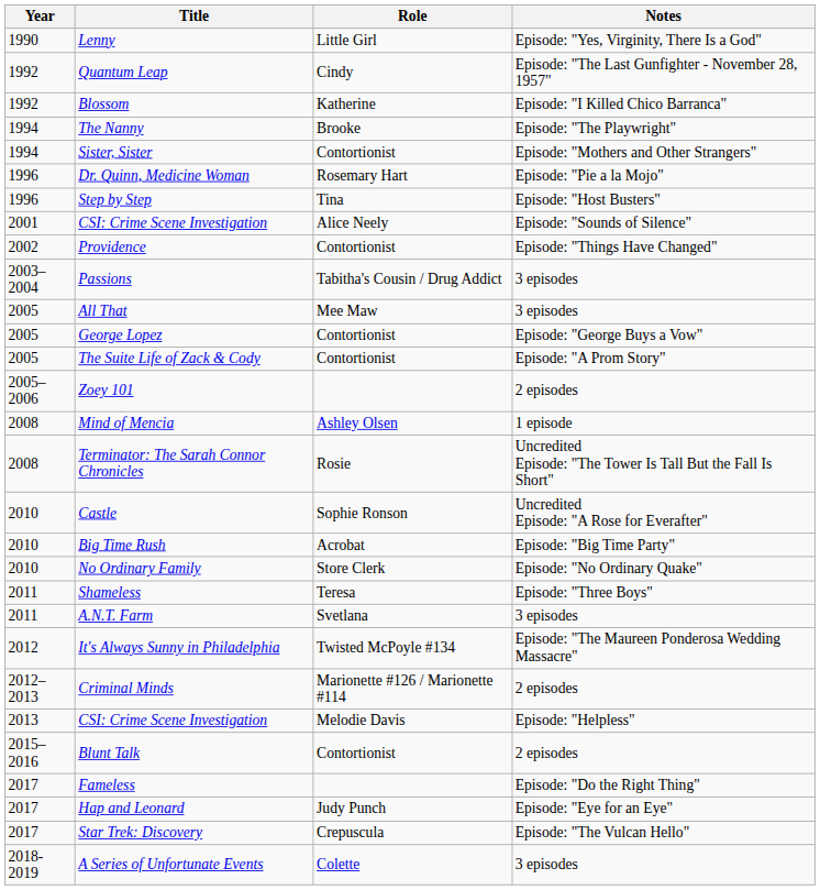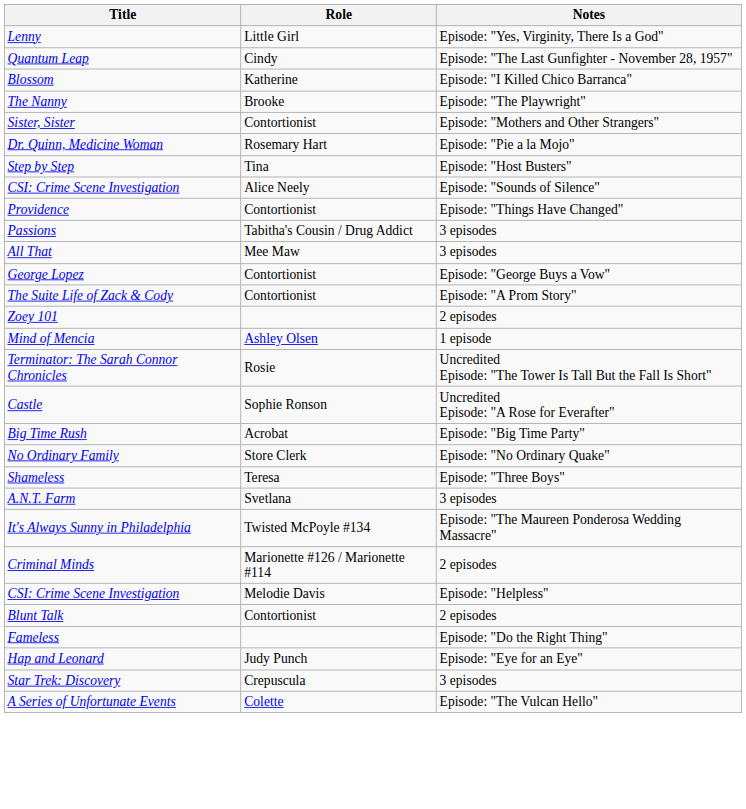 <table class="wikitable sortable">
 <tr>
-<th>Year</th>
 <th>Title</th>
 <th>Role</th>
 <th class="unsortable">Notes</th>
 </tr>
 <tr>
-<td>1990</td>
 <td><em><a href='#'>Lenny</a></em></td>
 <td>Little Girl</td>
 <td>Episode: "Yes, Virginity, There Is a God"</td>
 </tr>
 <tr>
-<td>1992</td>
 <td><em><a href='#'>Quantum Leap</a></em></td>
 <td>Cindy</td>
 <td>Episode: "The Last Gunfighter - November 28, 1957"</td>
 </tr>
 <tr>
-<td>1992</td>
 <td><em><a href='#'>Blossom</a></em></td>
 <td>Katherine</td>
 <td>Episode: "I Killed Chico Barranca"</td>
 </tr>
 <tr>
-<td>1994</td>
 <td><em><a href='#'>The Nanny</a></em></td>
 <td>Brooke</td>
 <td>Episode: "The Playwright"</td>
 </tr>
 <tr>
-<td>1994</td>
 <td><em><a href='#'>Sister, Sister</a></em></td>
 <td>Contortionist</td>
 <td>Episode: "Mothers and Other Strangers"</td>
 </tr>
 <tr>
-<td>1996</td>
 <td><em><a href='#'>Dr. Quinn, Medicine Woman</a></em></td>
 <td>Rosemary Hart</td>
 <td>Episode: "Pie a la Mojo"</td>
 </tr>
 <tr>
-<td>1996</td>
 <td><em><a href='#'>Step by Step</a></em></td>
 <td>Tina</td>
 <td>Episode: "Host Busters"</td>
 </tr>
 <tr>
-<td>2001</td>
 <td><em><a href='#'>CSI: Crime Scene Investigation</a></em></td>
 <td>Alice Neely</td>
 <td>Episode: "Sounds of Silence"</td>
 </tr>
 <tr>
-<td>2002</td>
 <td><em><a href='#'>Providence</a></em></td>
 <td>Contortionist</td>
 <td>Episode: "Things Have Changed"</td>
 </tr>
 <tr>
-<td>2003–2004</td>
 <td><em><a href='#'>Passions</a></em></td>
 <td>Tabitha's Cousin / Drug Addict</td>
 <td>3 episodes</td>
 </tr>
 <tr>
-<td>2005</td>
 <td><em><a href='#'>All That</a></em></td>
 <td>Mee Maw</td>
 <td>3 episodes</td>
 </tr>
 <tr>
-<td>2005</td>
 <td><em><a href='#'>George Lopez</a></em></td>
 <td>Contortionist</td>
 <td>Episode: "George Buys a Vow"</td>
 </tr>
 <tr>
-<td>2005</td>
 <td><em><a href='#'>The Suite Life of Zack & Cody</a></em></td>
 <td>Contortionist</td>
 <td>Episode: "A Prom Story"</td>
 </tr>
 <tr>
-<td>2005–2006</td>
 <td><em><a href='#'>Zoey 101</a></em></td>
 <td></td>
 <td>2 episodes</td>
 </tr>
 <tr>
-<td>2008</td>
 <td><em><a href='#'>Mind of Mencia</a></em></td>
 <td><a href='#'>Ashley Olsen</a></td>
 <td>1 episode</td>
 </tr>
 <tr>
-<td>2008</td>
 <td><em><a href='#'>Terminator: The Sarah Connor Chronicles</a></em></td>
 <td>Rosie</td>
 <td>Uncredited<br>Episode: "The Tower Is Tall But the Fall Is Short"</td>
 </tr>
 <tr>
-<td>2010</td>
 <td><em><a href='#'>Castle</a></em></td>
 <td>Sophie Ronson</td>
 <td>Uncredited<br>Episode: "A Rose for Everafter"</td>
 </tr>
 <tr>
-<td>2010</td>
 <td><em><a href='#'>Big Time Rush</a></em></td>
 <td>Acrobat</td>
 <td>Episode: "Big Time Party"</td>
 </tr>
 <tr>
-<td>2010</td>
 <td><em><a href='#'>No Ordinary Family</a></em></td>
 <td>Store Clerk</td>
 <td>Episode: "No Ordinary Quake"</td>
 </tr>
 <tr>
-<td>2011</td>
 <td><em><a href='#'>Shameless</a></em></td>
 <td>Teresa</td>
 <td>Episode: "Three Boys"</td>
 </tr>
 <tr>
-<td>2011</td>
 <td><em><a href='#'>A.N.T. Farm</a></em></td>
 <td>Svetlana</td>
 <td>3 episodes</td>
 </tr>
 <tr>
-<td>2012</td>
 <td><em><a href='#'>It's Always Sunny in Philadelphia</a></em></td>
 <td>Twisted McPoyle #134</td>
 <td>Episode: "The Maureen Ponderosa Wedding Massacre"</td>
 </tr>
 <tr>
-<td>2012–2013</td>
 <td><em><a href='#'>Criminal Minds</a></em></td>
 <td>Marionette #126 / Marionette #114</td>
 <td>2 episodes</td>
 </tr>
 <tr>
-<td>2013</td>
 <td><em><a href='#'>CSI: Crime Scene Investigation</a></em></td>
 <td>Melodie Davis</td>
 <td>Episode: "Helpless"</td>
 </tr>
 <tr>
-<td>2015–2016</td>
 <td><em><a href='#'>Blunt Talk</a></em></td>
 <td>Contortionist</td>
 <td>2 episodes</td>
 </tr>
 <tr>
-<td>2017</td>
 <td><em><a href='#'>Fameless</a></em></td>
 <td></td>
 <td>Episode: "Do the Right Thing"</td>
 </tr>
 <tr>
-<td>2017</td>
 <td><a href='#'><em>Hap and Leonard</em></a></td>
 <td>Judy Punch</td>
 <td>Episode: "Eye for an Eye"</td>
 </tr>
 <tr>
-<td>2017</td>
 <td><em><a href='#'>Star Trek: Discovery</a></em></td>
 <td>Crepuscula</td>
+<td>3 episodes</td>
+</tr>
+<tr>
+<td><em><a href='#'>A Series of Unfortunate Events</a></em></td>
+<td><a href='#'>Colette</a></td>
 <td>Episode: "The Vulcan Hello"</td>
 </tr>
-<tr>
-<td>2018-2019</td>
-<td><em><a href='#'>A Series of Unfortunate Events</a></em></td>
-<td><a href='#'>Colette</a></td>
-<td>3 episodes</td>
-</tr>
 </table>
